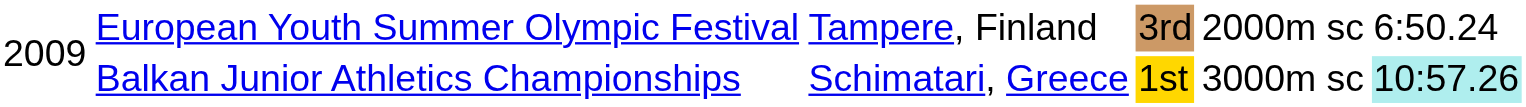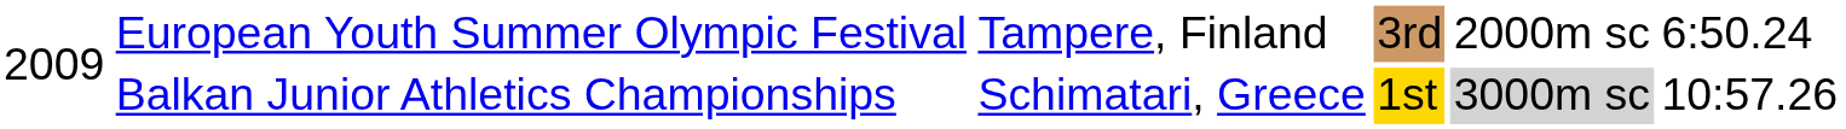 <table>
 <tr>
 <td rowspan=2>2009</td>
 <td><a href='#'>European Youth Summer Olympic Festival</a></td>
 <td><a href='#'>Tampere</a>, Finland</td>
 <td bgcolor=cc9966>3rd</td>
 <td>2000m sc</td>
 <td>6:50.24</td>
 </tr>
 <tr>
 <td><a href='#'>Balkan Junior Athletics Championships</a></td>
 <td><a href='#'>Schimatari</a>, <a href='#'>Greece</a></td>
 <td bgcolor="gold">1st</td>
-<td>3000m sc</td>
-<td style="background: paleturquoise;">10:57.26</td>
+<td style="background: lightgrey;">3000m sc</td>
+<td>10:57.26</td>
 </tr>
 </table>
